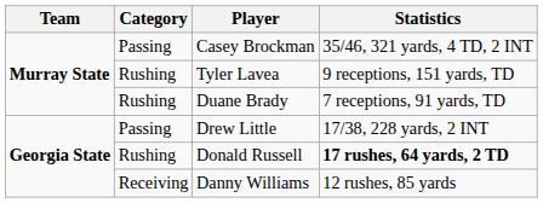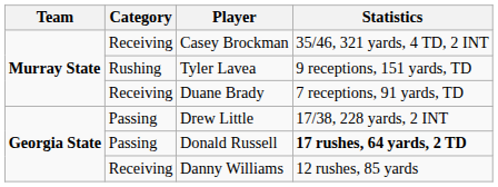 <table class="wikitable" style="float: left;">
 <tr>
 <th>Team</th>
 <th>Category</th>
 <th>Player</th>
 <th>Statistics</th>
 </tr>
 <tr>
 <td rowspan=3><strong>Murray State</strong></td>
-<td>Passing</td>
+<td>Receiving</td>
 <td>Casey Brockman</td>
 <td>35/46, 321 yards, 4 TD, 2 INT</td>
 </tr>
 <tr>
 <td>Rushing</td>
 <td>Tyler Lavea</td>
 <td>9 receptions, 151 yards, TD</td>
 </tr>
 <tr>
-<td>Rushing</td>
+<td>Receiving</td>
 <td>Duane Brady</td>
 <td>7 receptions, 91 yards, TD</td>
 </tr>
 <tr>
 <td rowspan=3><strong>Georgia State</strong></td>
 <td>Passing</td>
 <td>Drew Little</td>
 <td>17/38, 228 yards, 2 INT</td>
 </tr>
 <tr>
-<td>Rushing</td>
+<td>Passing</td>
 <td>Donald Russell</td>
 <td><strong>17 rushes, 64 yards, 2 TD</strong></td>
 </tr>
 <tr>
 <td>Receiving</td>
 <td>Danny Williams</td>
 <td>12 rushes, 85 yards</td>
 </tr>
 </table>
